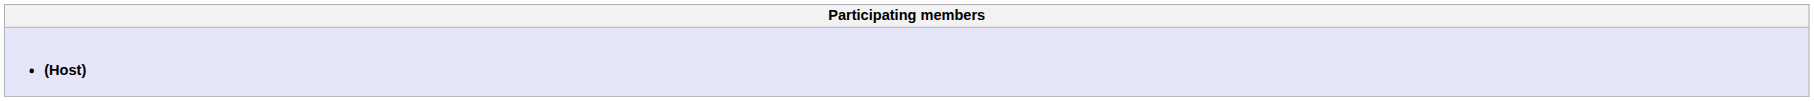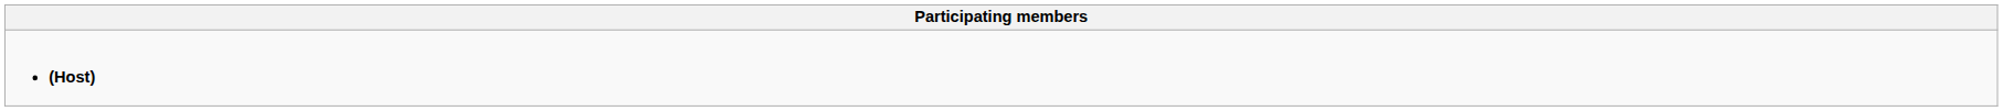 <table class="wikitable collapsible" style="width:100%;">
 <tr>
 <th>Participating members</th>
 </tr>
 <tr>
-<td style="background: lavender;"><br><ul><li> <strong>(Host)</strong></li></ul></td>
+<td><br><ul><li> <strong>(Host)</strong></li></ul></td>
 </tr>
 </table>
